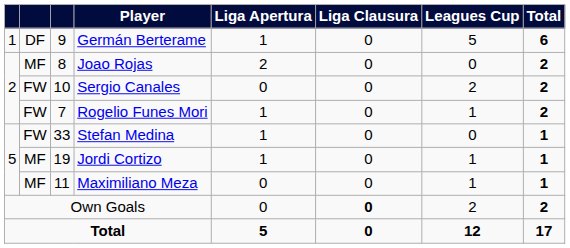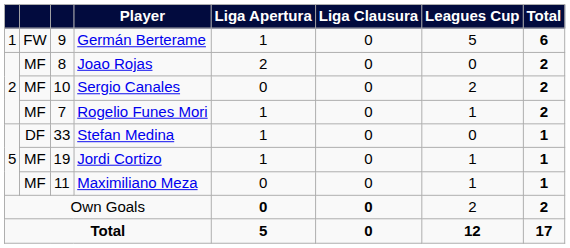 <table class="wikitable" style="text-align:center;">
 <tr>
 <th style="background:#020B3E; color:white; "></th>
 <th style="background:#020B3E; color:white; "></th>
 <th style="background:#020B3E; color:white; "></th>
 <th style="background:#020B3E; color:white; ">Player</th>
 <th style="background:#020B3E; color:white; ">Liga Apertura</th>
 <th style="background:#020B3E; color:white; ">Liga Clausura</th>
 <th style="background:#020B3E; color:white; ">Leagues Cup</th>
 <th style="background:#020B3E; color:white; ">Total</th>
 </tr>
 <tr>
 <td>1</td>
-<td>DF</td>
+<td>FW</td>
 <td>9</td>
 <td align=left> <a href='#'>Germán Berterame</a></td>
 <td>1</td>
 <td>0</td>
 <td>5</td>
 <td><strong>6</strong></td>
 </tr>
 <tr>
 <td rowspan=3>2</td>
 <td>MF</td>
 <td>8</td>
 <td align=left> <a href='#'>Joao Rojas</a></td>
 <td>2</td>
 <td>0</td>
 <td>0</td>
 <td><strong>2</strong></td>
 </tr>
 <tr>
-<td>FW</td>
+<td>MF</td>
 <td>10</td>
 <td align=left> <a href='#'>Sergio Canales</a></td>
 <td>0</td>
 <td>0</td>
 <td>2</td>
 <td><strong>2</strong></td>
 </tr>
 <tr>
-<td>FW</td>
+<td>MF</td>
 <td>7</td>
 <td align=left> <a href='#'>Rogelio Funes Mori</a></td>
 <td>1</td>
 <td>0</td>
 <td>1</td>
 <td><strong>2</strong></td>
 </tr>
 <tr>
 <td rowspan=3>5</td>
-<td>FW</td>
+<td>DF</td>
 <td>33</td>
 <td align=left> <a href='#'>Stefan Medina</a></td>
 <td>1</td>
 <td>0</td>
 <td>0</td>
 <td><strong>1</strong></td>
 </tr>
 <tr>
 <td>MF</td>
 <td>19</td>
 <td align=left> <a href='#'>Jordi Cortizo</a></td>
 <td>1</td>
 <td>0</td>
 <td>1</td>
 <td><strong>1</strong></td>
 </tr>
 <tr>
 <td>MF</td>
 <td>11</td>
 <td align=left> <a href='#'>Maximiliano Meza</a></td>
 <td>0</td>
 <td>0</td>
 <td>1</td>
 <td><strong>1</strong></td>
 </tr>
 <tr>
 <td colspan="4">Own Goals</td>
-<td>0</td>
+<td><strong>0</strong></td>
 <td><strong>0</strong></td>
 <td>2</td>
 <td><strong>2</strong></td>
 </tr>
 <tr>
 <td colspan="4"><strong>Total</strong></td>
 <td><strong>5</strong></td>
 <td><strong>0</strong></td>
 <td><strong>12</strong></td>
 <td><strong>17</strong></td>
 </tr>
 </table>
